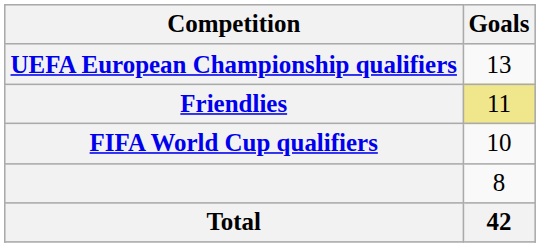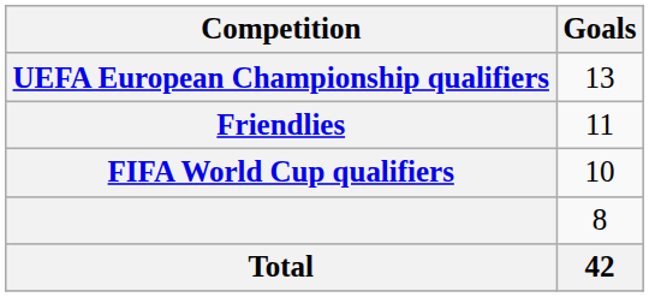 <table class="wikitable sortable plainrowheaders" style="text-align:center">
 <tr>
 <th scope=col>Competition</th>
 <th scope=col>Goals</th>
 </tr>
 <tr>
 <th scope=row><a href='#'>UEFA European Championship qualifiers</a></th>
 <td>13</td>
 </tr>
 <tr>
 <th scope=row><a href='#'>Friendlies</a></th>
-<td style="background: khaki;">11</td>
+<td>11</td>
 </tr>
 <tr>
 <th scope=row><a href='#'>FIFA World Cup qualifiers</a></th>
 <td>10</td>
 </tr>
 <tr>
 <th scope=row><a href='#'></a></th>
 <td>8</td>
 </tr>
 <tr class=sortbottom>
 <th scope=row><strong>Total</strong></th>
 <th>42</th>
 </tr>
 </table>
